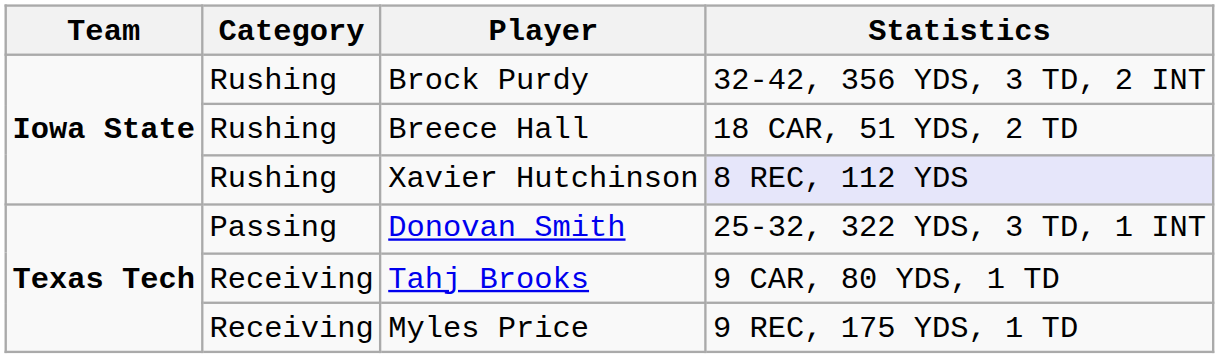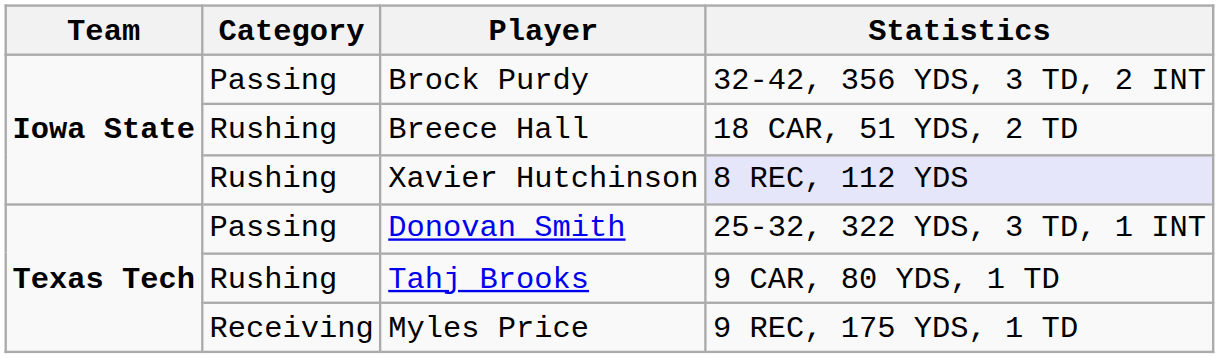 <table class="wikitable" style="float: right;">
 <tr>
 <th>Team</th>
 <th>Category</th>
 <th>Player</th>
 <th>Statistics</th>
 </tr>
 <tr>
 <td rowspan=3><strong>Iowa State</strong></td>
-<td>Rushing</td>
+<td>Passing</td>
 <td>Brock Purdy</td>
 <td>32-42, 356 YDS, 3 TD, 2 INT</td>
 </tr>
 <tr>
 <td>Rushing</td>
 <td>Breece Hall</td>
 <td>18 CAR, 51 YDS, 2 TD</td>
 </tr>
 <tr>
 <td>Rushing</td>
 <td>Xavier Hutchinson</td>
 <td style="background: lavender;">8 REC, 112 YDS</td>
 </tr>
 <tr>
 <td rowspan=3><strong>Texas Tech</strong></td>
 <td>Passing</td>
 <td><a href='#'>Donovan Smith</a></td>
 <td>25-32, 322 YDS, 3 TD, 1 INT</td>
 </tr>
 <tr>
-<td>Receiving</td>
+<td>Rushing</td>
 <td><a href='#'>Tahj Brooks</a></td>
 <td>9 CAR, 80 YDS, 1 TD</td>
 </tr>
 <tr>
 <td>Receiving</td>
 <td>Myles Price</td>
 <td>9 REC, 175 YDS, 1 TD</td>
 </tr>
 </table>
